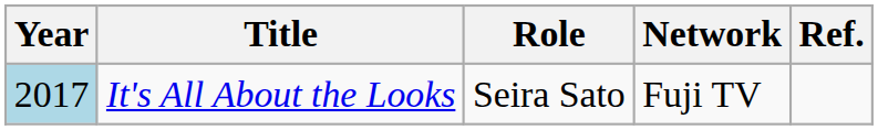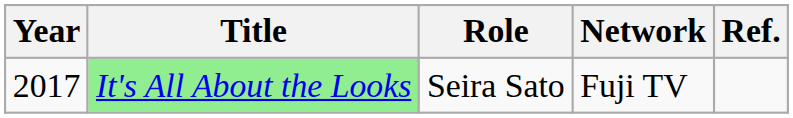 <table class="wikitable">
 <tr>
 <th>Year</th>
 <th>Title</th>
 <th>Role</th>
 <th>Network</th>
 <th>Ref.</th>
 </tr>
 <tr>
-<td style="background: lightblue;">2017</td>
-<td><em><a href='#'>It's All About the Looks</a></em></td>
+<td>2017</td>
+<td style="background: lightgreen;"><em><a href='#'>It's All About the Looks</a></em></td>
 <td>Seira Sato</td>
 <td>Fuji TV</td>
 <td></td>
 </tr>
 </table>
